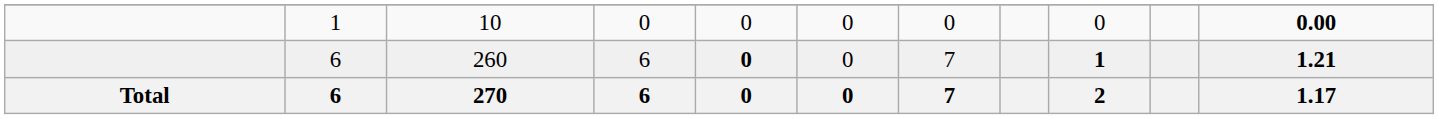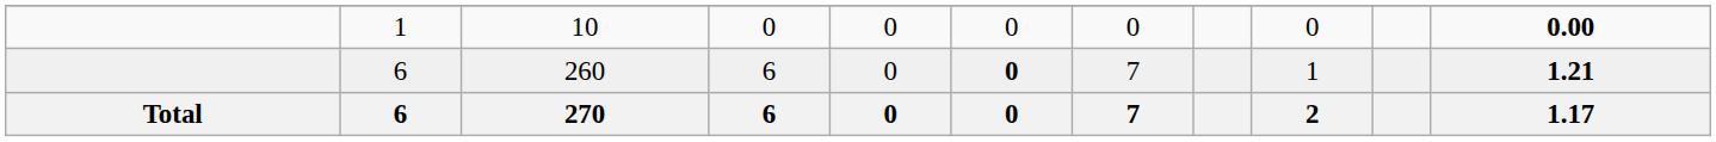 <table class="wikitable sortable" width ="1000">
 <tr align="center">
 </tr>
 <tr align="center" bgcolor="">
 <td></td>
 <td>1</td>
 <td>10</td>
 <td>0</td>
 <td>0</td>
 <td>0</td>
 <td>0</td>
 <td></td>
 <td>0</td>
 <td></td>
 <td><strong>0.00</strong></td>
 </tr>
 <tr align="center" bgcolor="f0f0f0">
 <td></td>
 <td>6</td>
 <td>260</td>
 <td>6</td>
+<td>0</td>
 <td><strong>0</strong></td>
-<td>0</td>
 <td>7</td>
 <td></td>
-<td><strong>1</strong></td>
+<td>1</td>
 <td></td>
 <td><strong>1.21</strong></td>
 </tr>
 <tr>
 <th>Total</th>
 <th>6</th>
 <th>270</th>
 <th>6</th>
 <th>0</th>
 <th>0</th>
 <th>7</th>
 <th></th>
 <th>2</th>
 <th></th>
 <th>1.17</th>
 </tr>
 </table>
